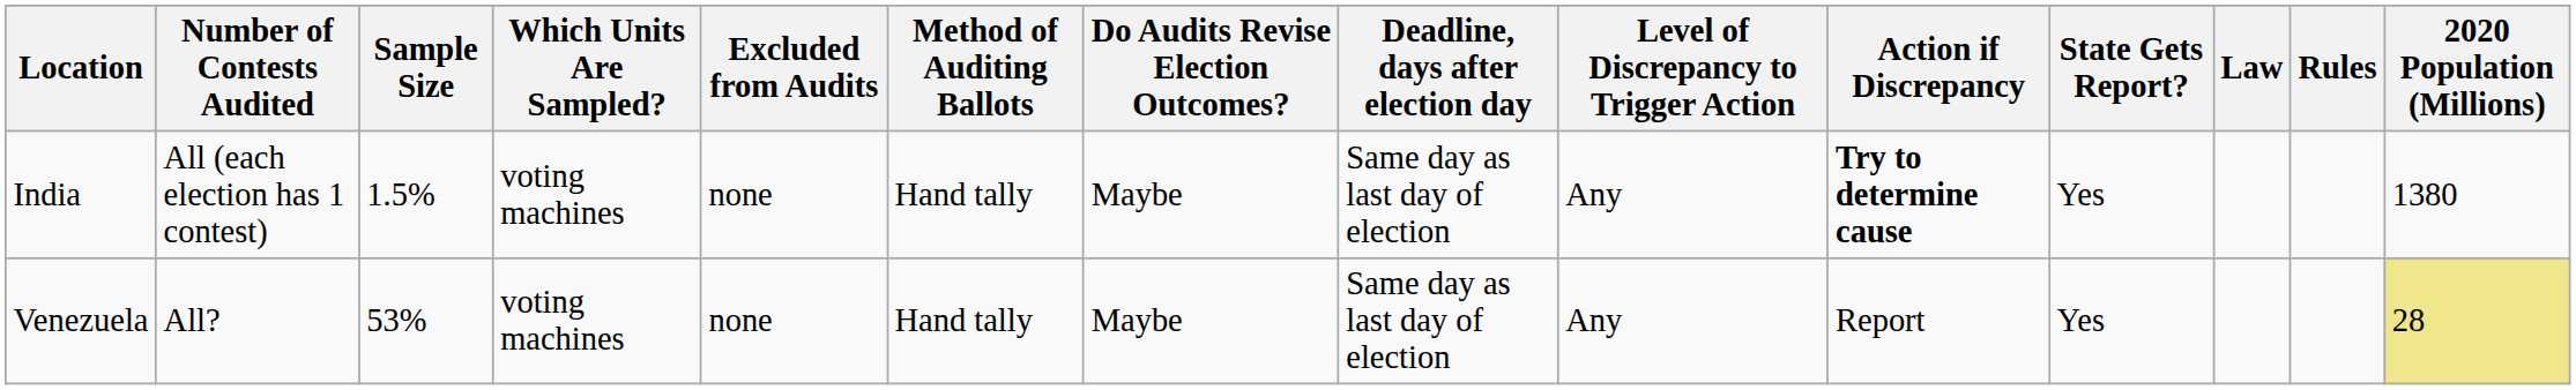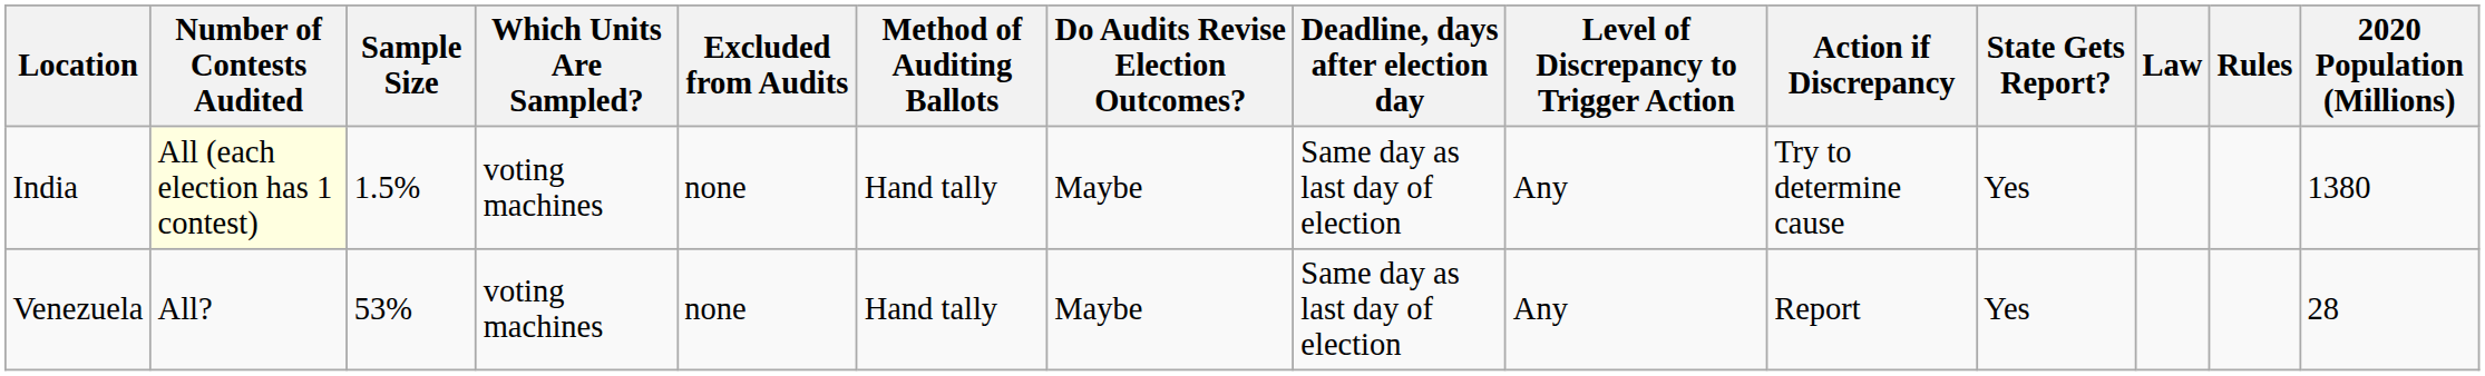 <table class="wikitable mw-collapsible sortable">
 <tr>
 <th scope="col">Location</th>
 <th scope="col">Number of Contests Audited</th>
 <th scope="col">Sample Size</th>
 <th scope="col">Which Units Are Sampled?</th>
 <th scope="col">Excluded from Audits</th>
 <th scope="col">Method of Auditing Ballots</th>
 <th scope="col">Do Audits Revise Election Outcomes?</th>
 <th scope="col">Deadline, days after election day</th>
 <th scope="col">Level of Discrepancy to Trigger Action</th>
 <th scope="col">Action if Discrepancy</th>
 <th scope="col">State Gets Report?</th>
 <th scope="col">Law</th>
 <th scope="col">Rules</th>
 <th scope="col">2020 Population<br>(Millions)</th>
 </tr>
 <tr>
 <td>India</td>
-<td>All (each election has 1 contest)</td>
+<td style="background: lightyellow;">All (each election has 1 contest)</td>
 <td>1.5%</td>
 <td>voting machines</td>
 <td>none</td>
 <td>Hand tally</td>
 <td>Maybe</td>
 <td>Same day as last day of election</td>
 <td>Any</td>
-<td><strong>Try to determine cause</strong></td>
+<td>Try to determine cause</td>
 <td>Yes</td>
 <td></td>
 <td></td>
 <td>1380</td>
 </tr>
 <tr>
 <td>Venezuela</td>
 <td>All?</td>
 <td>53%</td>
 <td>voting machines</td>
 <td>none</td>
 <td>Hand tally</td>
 <td>Maybe</td>
 <td>Same day as last day of election</td>
 <td>Any</td>
 <td>Report</td>
 <td>Yes</td>
 <td></td>
 <td></td>
-<td style="background: khaki;">28</td>
+<td>28</td>
 </tr>
 </table>
